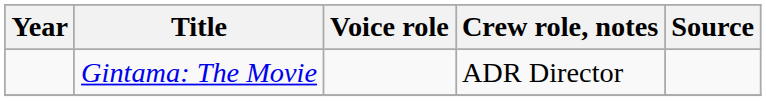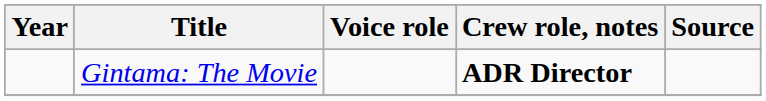 <table class="wikitable sortable plainrowheaders">
 <tr>
 <th>Year</th>
 <th>Title</th>
 <th>Voice role</th>
 <th>Crew role, notes</th>
 <th class="unsortable">Source</th>
 </tr>
 <tr>
 <td></td>
 <td><em><a href='#'>Gintama: The Movie</a></em></td>
 <td></td>
-<td>ADR Director</td>
+<td><strong>ADR Director</strong></td>
 <td></td>
 </tr>
 <tr>
 </tr>
 </table>
